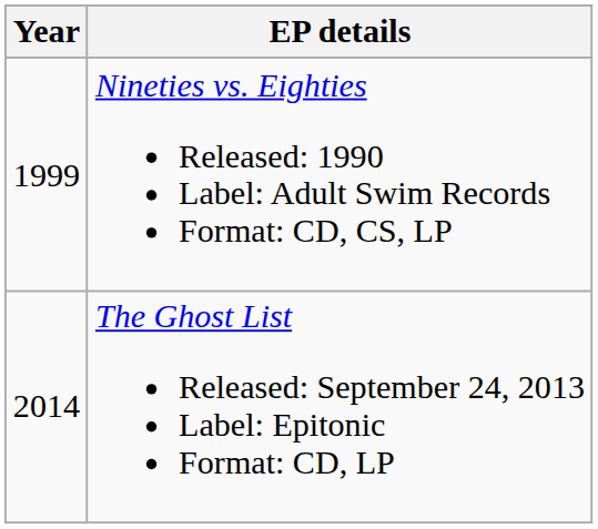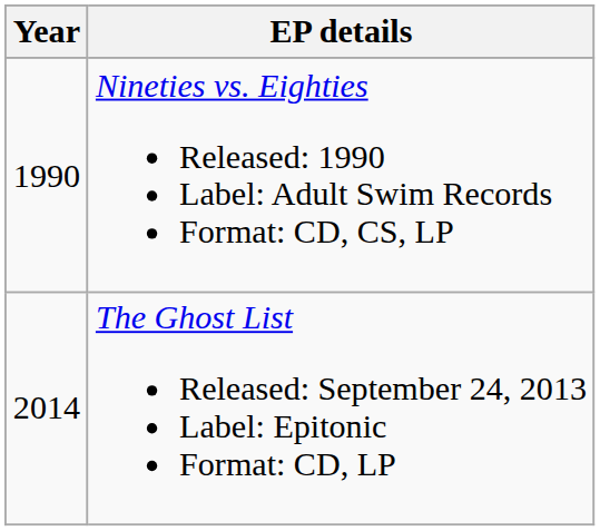 <table class ="wikitable">
 <tr>
 <th>Year</th>
 <th>EP details</th>
 </tr>
 <tr>
-<td>1999</td>
+<td>1990</td>
 <td><em><a href='#'>Nineties vs. Eighties</a></em><br><ul><li>Released: 1990</li><li>Label: Adult Swim Records</li><li>Format: CD, CS, LP</li></ul></td>
 </tr>
 <tr>
 <td>2014</td>
 <td><em><a href='#'>The Ghost List</a></em><br><ul><li>Released: September 24, 2013</li><li>Label: Epitonic</li><li>Format: CD, LP</li></ul></td>
 </tr>
 </table>
